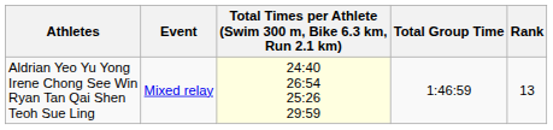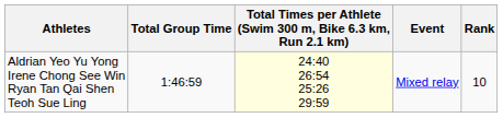 <table class=wikitable style="font-size:90%; text-align:center">
 <tr>
 <th>Athletes</th>
+<th>Total Group Time</th>
+<th>Total Times per Athlete<br>(Swim 300 m, Bike 6.3 km, <br> Run 2.1 km)</th>
 <th>Event</th>
-<th>Total Times per Athlete<br>(Swim 300 m, Bike 6.3 km, <br> Run 2.1 km)</th>
-<th>Total Group Time</th>
 <th>Rank</th>
 </tr>
 <tr>
 <td align=left>Aldrian Yeo Yu Yong<br>Irene Chong See Win<br>Ryan Tan Qai Shen<br>Teoh Sue Ling</td>
+<td>1:46:59</td>
+<td style="background: lightyellow;">24:40<br>26:54<br>25:26<br>29:59</td>
 <td align=left><a href='#'>Mixed relay</a></td>
-<td style="background: lightyellow;">24:40<br>26:54<br>25:26<br>29:59</td>
-<td>1:46:59</td>
-<td>13</td>
+<td>10</td>
 </tr>
 </table>
